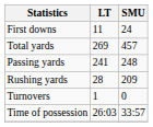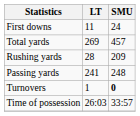 <table class="wikitable">
 <tr>
 <th>Statistics</th>
 <th>LT</th>
 <th>SMU</th>
 </tr>
 <tr>
 <td>First downs</td>
 <td>11</td>
 <td>24</td>
 </tr>
 <tr>
 <td>Total yards</td>
 <td>269</td>
 <td>457</td>
 </tr>
 <tr>
+<td>Rushing yards</td>
+<td>28</td>
+<td>209</td>
+</tr>
+<tr>
 <td>Passing yards</td>
 <td>241</td>
 <td>248</td>
 </tr>
 <tr>
-<td>Rushing yards</td>
-<td>28</td>
-<td>209</td>
-</tr>
-<tr>
 <td>Turnovers</td>
 <td>1</td>
-<td>0</td>
+<td><strong>0</strong></td>
 </tr>
 <tr>
 <td>Time of possession</td>
 <td>26:03</td>
 <td>33:57</td>
 </tr>
 <tr>
 </tr>
 </table>
